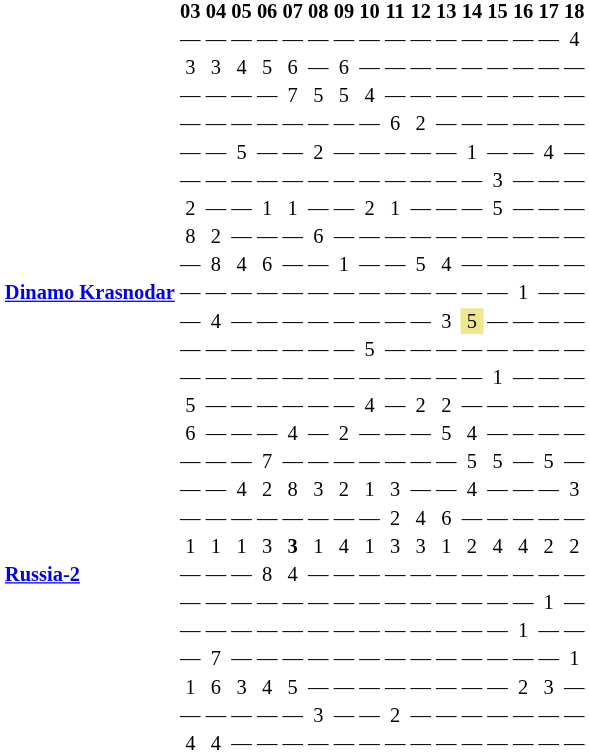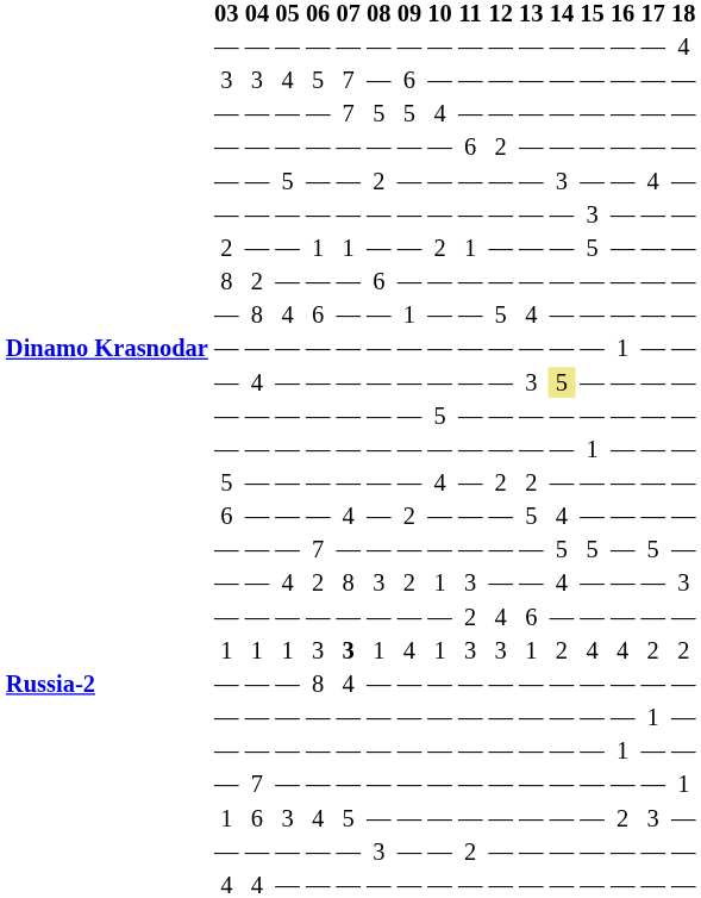 <table class="standard" style="text-align:center;">
 <tr>
 <th></th>
 <th>03</th>
 <th>04</th>
 <th>05</th>
 <th>06</th>
 <th>07</th>
 <th>08</th>
 <th>09</th>
 <th>10</th>
 <th>11</th>
 <th>12</th>
 <th>13</th>
 <th>14</th>
 <th>15</th>
 <th>16</th>
 <th>17</th>
 <th>18</th>
 </tr>
 <tr>
 <td align="left"><strong></strong></td>
 <td>—</td>
 <td>—</td>
 <td>—</td>
 <td>—</td>
 <td>—</td>
 <td>—</td>
 <td>—</td>
 <td>—</td>
 <td>—</td>
 <td>—</td>
 <td>—</td>
 <td>—</td>
 <td>—</td>
 <td>—</td>
 <td>—</td>
 <td>4</td>
 </tr>
 <tr>
 <td align="left"><strong></strong></td>
 <td>3</td>
 <td>3</td>
 <td>4</td>
 <td>5</td>
-<td>6</td>
+<td>7</td>
 <td>—</td>
 <td>6</td>
 <td>—</td>
 <td>—</td>
 <td>—</td>
 <td>—</td>
 <td>—</td>
 <td>—</td>
 <td>—</td>
 <td>—</td>
 <td>—</td>
 </tr>
 <tr>
 <td align="left"><strong></strong></td>
 <td>—</td>
 <td>—</td>
 <td>—</td>
 <td>—</td>
 <td>7</td>
 <td>5</td>
 <td>5</td>
 <td>4</td>
 <td>—</td>
 <td>—</td>
 <td>—</td>
 <td>—</td>
 <td>—</td>
 <td>—</td>
 <td>—</td>
 <td>—</td>
 </tr>
 <tr>
 <td align="left"><strong></strong></td>
 <td>—</td>
 <td>—</td>
 <td>—</td>
 <td>—</td>
 <td>—</td>
 <td>—</td>
 <td>—</td>
 <td>—</td>
 <td>6</td>
 <td>2</td>
 <td>—</td>
 <td>—</td>
 <td>—</td>
 <td>—</td>
 <td>—</td>
 <td>—</td>
 </tr>
 <tr>
 <td align="left"><strong></strong></td>
 <td>—</td>
 <td>—</td>
 <td>5</td>
 <td>—</td>
 <td>—</td>
 <td>2</td>
 <td>—</td>
 <td>—</td>
 <td>—</td>
 <td>—</td>
 <td>—</td>
-<td>1</td>
+<td>3</td>
 <td>—</td>
 <td>—</td>
 <td>4</td>
 <td>—</td>
 </tr>
 <tr>
 <td align="left"><strong></strong></td>
 <td>—</td>
 <td>—</td>
 <td>—</td>
 <td>—</td>
 <td>—</td>
 <td>—</td>
 <td>—</td>
 <td>—</td>
 <td>—</td>
 <td>—</td>
 <td>—</td>
 <td>—</td>
 <td>3</td>
 <td>—</td>
 <td>—</td>
 <td>—</td>
 </tr>
 <tr>
 <td align="left"><strong></strong></td>
 <td>2</td>
 <td>—</td>
 <td>—</td>
 <td>1</td>
 <td>1</td>
 <td>—</td>
 <td>—</td>
 <td>2</td>
 <td>1</td>
 <td>—</td>
 <td>—</td>
 <td>—</td>
 <td>5</td>
 <td>—</td>
 <td>—</td>
 <td>—</td>
 </tr>
 <tr>
 <td align="left"><strong></strong></td>
 <td>8</td>
 <td>2</td>
 <td>—</td>
 <td>—</td>
 <td>—</td>
 <td>6</td>
 <td>—</td>
 <td>—</td>
 <td>—</td>
 <td>—</td>
 <td>—</td>
 <td>—</td>
 <td>—</td>
 <td>—</td>
 <td>—</td>
 <td>—</td>
 </tr>
 <tr>
 <td align="left"><strong></strong></td>
 <td>—</td>
 <td>8</td>
 <td>4</td>
 <td>6</td>
 <td>—</td>
 <td>—</td>
 <td>1</td>
 <td>—</td>
 <td>—</td>
 <td>5</td>
 <td>4</td>
 <td>—</td>
 <td>—</td>
 <td>—</td>
 <td>—</td>
 <td>—</td>
 </tr>
 <tr>
 <td align="left"><strong> <a href='#'>Dinamo Krasnodar</a></strong></td>
 <td>—</td>
 <td>—</td>
 <td>—</td>
 <td>—</td>
 <td>—</td>
 <td>—</td>
 <td>—</td>
 <td>—</td>
 <td>—</td>
 <td>—</td>
 <td>—</td>
 <td>—</td>
 <td>—</td>
 <td>1</td>
 <td>—</td>
 <td>—</td>
 </tr>
 <tr>
 <td align="left"><strong></strong></td>
 <td>—</td>
 <td>4</td>
 <td>—</td>
 <td>—</td>
 <td>—</td>
 <td>—</td>
 <td>—</td>
 <td>—</td>
 <td>—</td>
 <td>—</td>
 <td>3</td>
 <td style="background: khaki;">5</td>
 <td>—</td>
 <td>—</td>
 <td>—</td>
 <td>—</td>
 </tr>
 <tr>
 <td align="left"><strong></strong></td>
 <td>—</td>
 <td>—</td>
 <td>—</td>
 <td>—</td>
 <td>—</td>
 <td>—</td>
 <td>—</td>
 <td>5</td>
 <td>—</td>
 <td>—</td>
 <td>—</td>
 <td>—</td>
 <td>—</td>
 <td>—</td>
 <td>—</td>
 <td>—</td>
 </tr>
 <tr>
 <td align="left"><strong></strong></td>
 <td>—</td>
 <td>—</td>
 <td>—</td>
 <td>—</td>
 <td>—</td>
 <td>—</td>
 <td>—</td>
 <td>—</td>
 <td>—</td>
 <td>—</td>
 <td>—</td>
 <td>—</td>
 <td>1</td>
 <td>—</td>
 <td>—</td>
 <td>—</td>
 </tr>
 <tr>
 <td align="left"><strong></strong></td>
 <td>5</td>
 <td>—</td>
 <td>—</td>
 <td>—</td>
 <td>—</td>
 <td>—</td>
 <td>—</td>
 <td>4</td>
 <td>—</td>
 <td>2</td>
 <td>2</td>
 <td>—</td>
 <td>—</td>
 <td>—</td>
 <td>—</td>
 <td>—</td>
 </tr>
 <tr>
 <td align="left"><strong></strong></td>
 <td>6</td>
 <td>—</td>
 <td>—</td>
 <td>—</td>
 <td>4</td>
 <td>—</td>
 <td>2</td>
 <td>—</td>
 <td>—</td>
 <td>—</td>
 <td>5</td>
 <td>4</td>
 <td>—</td>
 <td>—</td>
 <td>—</td>
 <td>—</td>
 </tr>
 <tr>
 <td align="left"><strong></strong></td>
 <td>—</td>
 <td>—</td>
 <td>—</td>
 <td>7</td>
 <td>—</td>
 <td>—</td>
 <td>—</td>
 <td>—</td>
 <td>—</td>
 <td>—</td>
 <td>—</td>
 <td>5</td>
 <td>5</td>
 <td>—</td>
 <td>5</td>
 <td>—</td>
 </tr>
 <tr>
 <td align="left"><strong></strong></td>
 <td>—</td>
 <td>—</td>
 <td>4</td>
 <td>2</td>
 <td>8</td>
 <td>3</td>
 <td>2</td>
 <td>1</td>
 <td>3</td>
 <td>—</td>
 <td>—</td>
 <td>4</td>
 <td>—</td>
 <td>—</td>
 <td>—</td>
 <td>3</td>
 </tr>
 <tr>
 <td align="left"><strong></strong></td>
 <td>—</td>
 <td>—</td>
 <td>—</td>
 <td>—</td>
 <td>—</td>
 <td>—</td>
 <td>—</td>
 <td>—</td>
 <td>2</td>
 <td>4</td>
 <td>6</td>
 <td>—</td>
 <td>—</td>
 <td>—</td>
 <td>—</td>
 <td>—</td>
 </tr>
 <tr>
 <td align="left"><strong></strong></td>
 <td>1</td>
 <td>1</td>
 <td>1</td>
 <td>3</td>
 <td><strong>3</strong></td>
 <td>1</td>
 <td>4</td>
 <td>1</td>
 <td>3</td>
 <td>3</td>
 <td>1</td>
 <td>2</td>
 <td>4</td>
 <td>4</td>
 <td>2</td>
 <td>2</td>
 </tr>
 <tr>
 <td align="left"><strong> <a href='#'>Russia-2</a></strong></td>
 <td>—</td>
 <td>—</td>
 <td>—</td>
 <td>8</td>
 <td>4</td>
 <td>—</td>
 <td>—</td>
 <td>—</td>
 <td>—</td>
 <td>—</td>
 <td>—</td>
 <td>—</td>
 <td>—</td>
 <td>—</td>
 <td>—</td>
 <td>—</td>
 </tr>
 <tr>
 <td align="left"><strong></strong></td>
 <td>—</td>
 <td>—</td>
 <td>—</td>
 <td>—</td>
 <td>—</td>
 <td>—</td>
 <td>—</td>
 <td>—</td>
 <td>—</td>
 <td>—</td>
 <td>—</td>
 <td>—</td>
 <td>—</td>
 <td>—</td>
 <td>1</td>
 <td>—</td>
 </tr>
 <tr>
 <td align="left"><strong></strong></td>
 <td>—</td>
 <td>—</td>
 <td>—</td>
 <td>—</td>
 <td>—</td>
 <td>—</td>
 <td>—</td>
 <td>—</td>
 <td>—</td>
 <td>—</td>
 <td>—</td>
 <td>—</td>
 <td>—</td>
 <td>1</td>
 <td>—</td>
 <td>—</td>
 </tr>
 <tr>
 <td align="left"><strong></strong></td>
 <td>—</td>
 <td>7</td>
 <td>—</td>
 <td>—</td>
 <td>—</td>
 <td>—</td>
 <td>—</td>
 <td>—</td>
 <td>—</td>
 <td>—</td>
 <td>—</td>
 <td>—</td>
 <td>—</td>
 <td>—</td>
 <td>—</td>
 <td>1</td>
 </tr>
 <tr>
 <td align="left"><strong></strong></td>
 <td>1</td>
 <td>6</td>
 <td>3</td>
 <td>4</td>
 <td>5</td>
 <td>—</td>
 <td>—</td>
 <td>—</td>
 <td>—</td>
 <td>—</td>
 <td>—</td>
 <td>—</td>
 <td>—</td>
 <td>2</td>
 <td>3</td>
 <td>—</td>
 </tr>
 <tr>
 <td align="left"><strong></strong></td>
 <td>—</td>
 <td>—</td>
 <td>—</td>
 <td>—</td>
 <td>—</td>
 <td>3</td>
 <td>—</td>
 <td>—</td>
 <td>2</td>
 <td>—</td>
 <td>—</td>
 <td>—</td>
 <td>—</td>
 <td>—</td>
 <td>—</td>
 <td>—</td>
 </tr>
 <tr>
 <td align="left"><strong></strong></td>
 <td>4</td>
 <td>4</td>
 <td>—</td>
 <td>—</td>
 <td>—</td>
 <td>—</td>
 <td>—</td>
 <td>—</td>
 <td>—</td>
 <td>—</td>
 <td>—</td>
 <td>—</td>
 <td>—</td>
 <td>—</td>
 <td>—</td>
 <td>—</td>
 </tr>
 </table>
